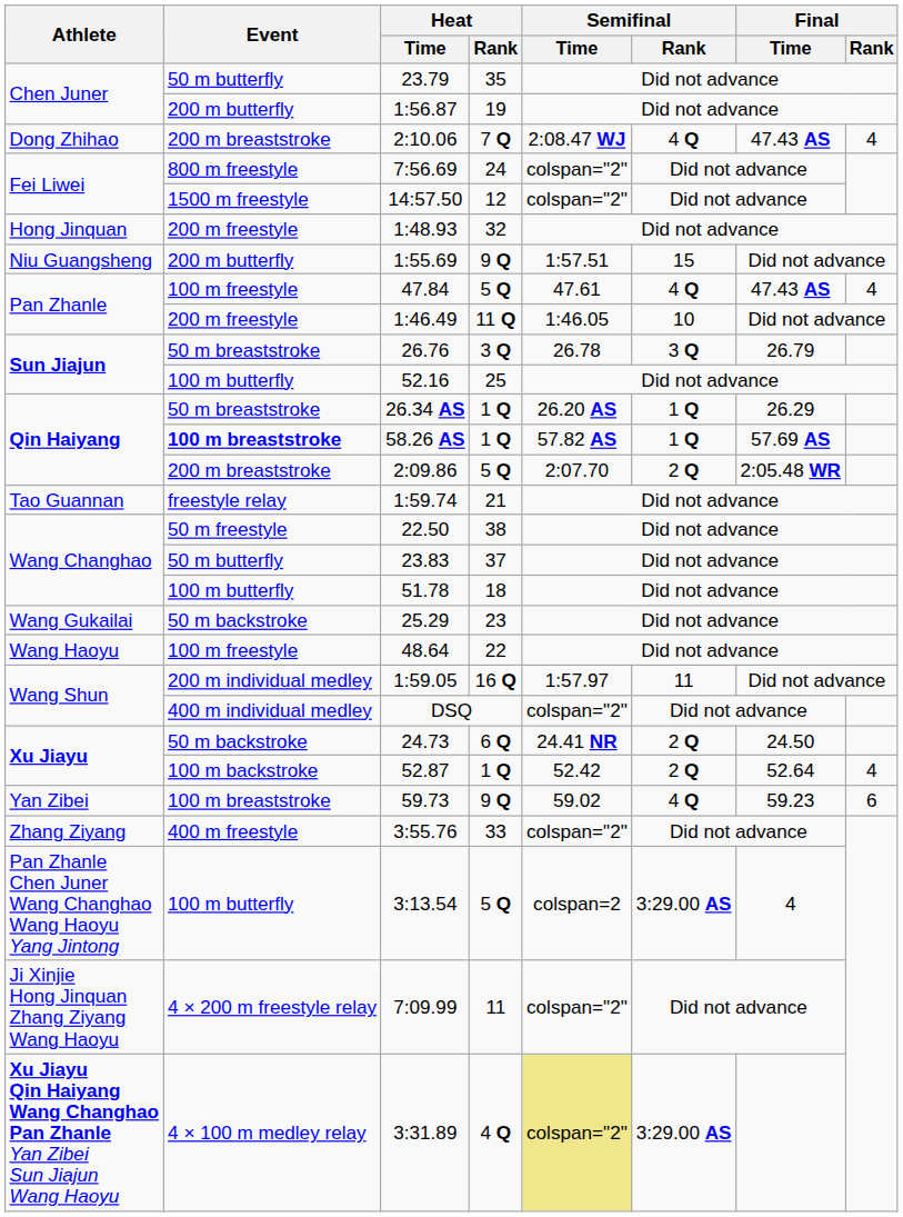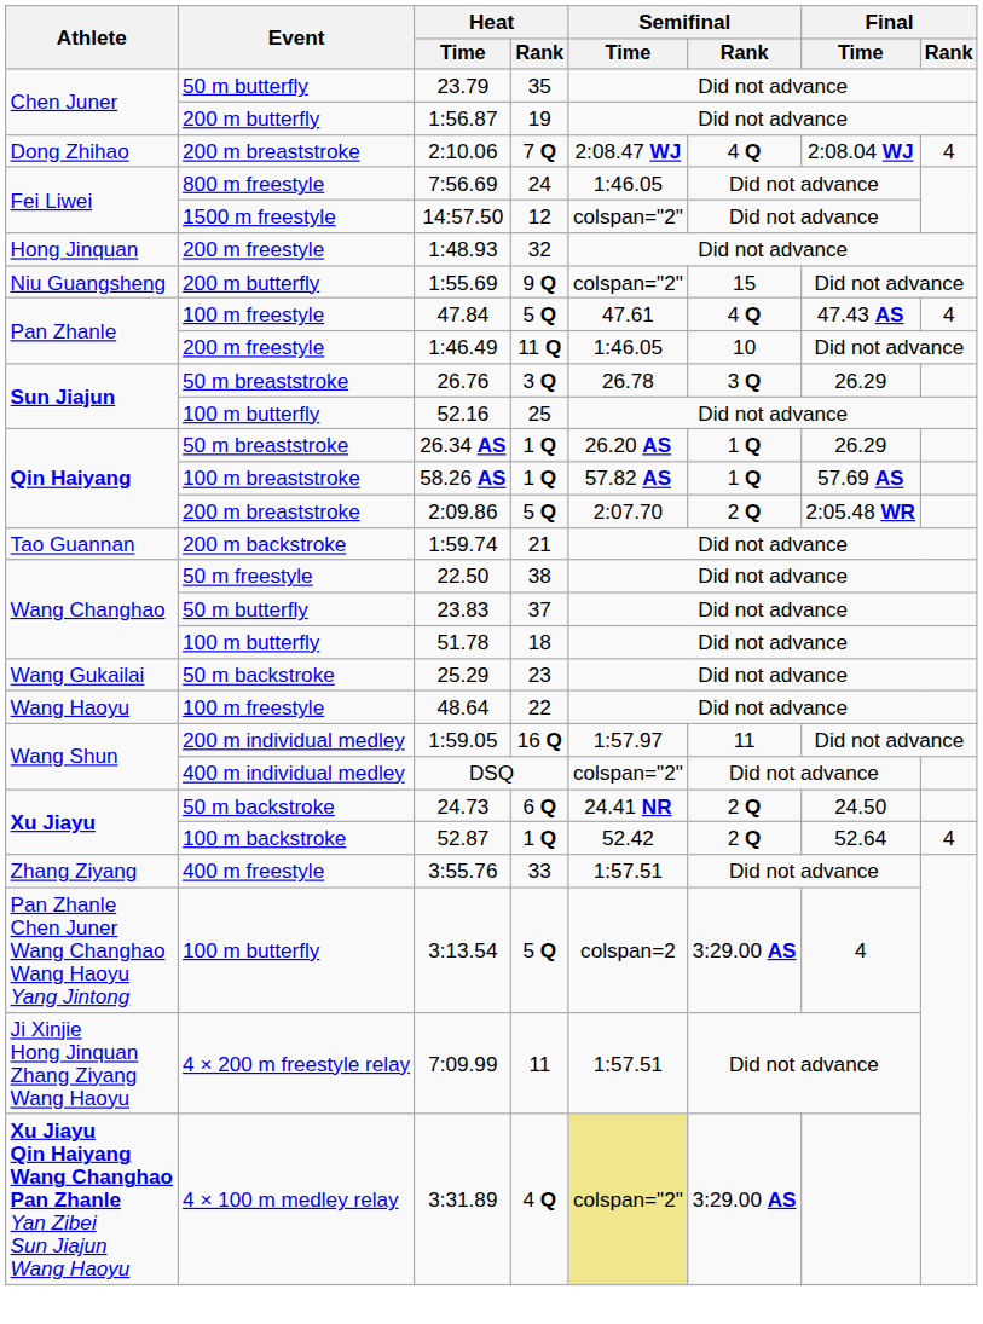 <table class="wikitable" style="text-align:center; font-size:90%;">
 <tr>
 <th rowspan="2">Athlete</th>
 <th rowspan="2">Event</th>
 <th colspan="2">Heat</th>
 <th colspan="2">Semifinal</th>
 <th colspan="2">Final</th>
 </tr>
 <tr style="font-size:95%">
 <th>Time</th>
 <th>Rank</th>
 <th>Time</th>
 <th>Rank</th>
 <th>Time</th>
 <th>Rank</th>
 </tr>
 <tr>
 <td align=left rowspan=2><a href='#'>Chen Juner</a></td>
 <td align=left><a href='#'>50 m butterfly</a></td>
 <td>23.79</td>
 <td>35</td>
 <td colspan=4>Did not advance</td>
 </tr>
 <tr>
 <td align=left><a href='#'>200 m butterfly</a></td>
 <td>1:56.87</td>
 <td>19</td>
 <td colspan=4>Did not advance</td>
 </tr>
 <tr align=center>
 <td align=left><a href='#'>Dong Zhihao</a></td>
 <td align=left><a href='#'>200 m breaststroke</a></td>
 <td>2:10.06</td>
 <td>7 <strong>Q</strong></td>
 <td>2:08.47 <strong><a href='#'>WJ</a></strong></td>
 <td>4 <strong>Q</strong></td>
-<td>47.43 <strong><a href='#'>AS</a></strong></td>
+<td>2:08.04 <strong><a href='#'>WJ</a></strong></td>
 <td>4</td>
 </tr>
 <tr>
 <td align=left rowspan=2><a href='#'>Fei Liwei</a></td>
 <td align=left><a href='#'>800 m freestyle</a></td>
 <td>7:56.69</td>
 <td>24</td>
-<td>colspan="2" </td>
+<td>1:46.05</td>
 <td colspan="2">Did not advance</td>
 </tr>
 <tr>
 <td align=left><a href='#'>1500 m freestyle</a></td>
 <td>14:57.50</td>
 <td>12</td>
 <td>colspan="2" </td>
 <td colspan="2">Did not advance</td>
 </tr>
 <tr>
 <td align=left><a href='#'>Hong Jinquan</a></td>
 <td align=left><a href='#'>200 m freestyle</a></td>
 <td>1:48.93</td>
 <td>32</td>
 <td colspan=4>Did not advance</td>
 </tr>
 <tr>
 <td align=left><a href='#'>Niu Guangsheng</a></td>
 <td align=left><a href='#'>200 m butterfly</a></td>
 <td>1:55.69</td>
 <td>9 <strong>Q</strong></td>
-<td>1:57.51</td>
+<td>colspan="2" </td>
 <td>15</td>
 <td colspan="2">Did not advance</td>
 </tr>
 <tr>
 <td align=left rowspan=2><a href='#'>Pan Zhanle</a></td>
 <td align=left><a href='#'>100 m freestyle</a></td>
 <td>47.84</td>
 <td>5 <strong>Q</strong></td>
 <td>47.61</td>
 <td>4 <strong>Q</strong></td>
 <td>47.43 <strong><a href='#'>AS</a></strong></td>
 <td>4</td>
 </tr>
 <tr>
 <td align=left><a href='#'>200 m freestyle</a></td>
 <td>1:46.49</td>
 <td>11 <strong>Q</strong></td>
 <td>1:46.05</td>
 <td>10</td>
 <td colspan=2>Did not advance</td>
 </tr>
 <tr align=center>
 <td align=left rowspan=2><strong><a href='#'>Sun Jiajun</a></strong></td>
 <td align=left><a href='#'>50 m breaststroke</a></td>
 <td>26.76</td>
 <td>3 <strong>Q</strong></td>
 <td>26.78</td>
 <td>3 <strong>Q</strong></td>
-<td>26.79</td>
+<td>26.29</td>
 <td></td>
 </tr>
 <tr>
 <td align=left><a href='#'>100 m butterfly</a></td>
 <td>52.16</td>
 <td>25</td>
 <td colspan=4>Did not advance</td>
 </tr>
 <tr align=center>
 <td align=left rowspan=3><strong><a href='#'>Qin Haiyang</a></strong></td>
 <td align=left><a href='#'>50 m breaststroke</a></td>
 <td>26.34 <strong><a href='#'>AS</a></strong></td>
 <td>1 <strong>Q</strong></td>
 <td>26.20 <strong><a href='#'>AS</a></strong></td>
 <td>1 <strong>Q</strong></td>
 <td>26.29</td>
 <td></td>
 </tr>
 <tr>
-<td align=left><strong><a href='#'>100 m breaststroke</a></strong></td>
+<td align=left><a href='#'>100 m breaststroke</a></td>
 <td>58.26 <strong><a href='#'>AS</a></strong></td>
 <td>1 <strong>Q</strong></td>
 <td>57.82 <strong><a href='#'>AS</a></strong></td>
 <td>1 <strong>Q</strong></td>
 <td>57.69 <strong><a href='#'>AS</a></strong></td>
 <td></td>
 </tr>
 <tr>
 <td align=left><a href='#'>200 m breaststroke</a></td>
 <td>2:09.86</td>
 <td>5 <strong>Q</strong></td>
 <td>2:07.70</td>
 <td>2 <strong>Q</strong></td>
 <td>2:05.48 <strong><a href='#'>WR</a></strong></td>
 <td></td>
 </tr>
 <tr align=center>
 <td align=left><a href='#'>Tao Guannan</a></td>
-<td align=left><a href='#'> freestyle relay</a></td>
+<td align=left><a href='#'>200 m backstroke</a></td>
 <td>1:59.74</td>
 <td>21</td>
 <td colspan=4>Did not advance</td>
 </tr>
 <tr>
 <td align=left rowspan=3><a href='#'>Wang Changhao</a></td>
 <td align=left><a href='#'>50 m freestyle</a></td>
 <td>22.50</td>
 <td>38</td>
 <td colspan=4>Did not advance</td>
 </tr>
 <tr>
 <td align=left><a href='#'>50 m butterfly</a></td>
 <td>23.83</td>
 <td>37</td>
 <td colspan=4>Did not advance</td>
 </tr>
 <tr>
 <td align=left><a href='#'>100 m butterfly</a></td>
 <td>51.78</td>
 <td>18</td>
 <td colspan=4>Did not advance</td>
 </tr>
 <tr>
 <td align=left><a href='#'>Wang Gukailai</a></td>
 <td align=left><a href='#'>50 m backstroke</a></td>
 <td>25.29</td>
 <td>23</td>
 <td colspan=4>Did not advance</td>
 </tr>
 <tr>
 <td align=left><a href='#'>Wang Haoyu</a></td>
 <td align=left><a href='#'>100 m freestyle</a></td>
 <td>48.64</td>
 <td>22</td>
 <td colspan=4>Did not advance</td>
 </tr>
 <tr>
 <td align=left rowspan=2><a href='#'>Wang Shun</a></td>
 <td align=left><a href='#'>200 m individual medley</a></td>
 <td>1:59.05</td>
 <td>16 <strong>Q</strong></td>
 <td>1:57.97</td>
 <td>11</td>
 <td colspan=2>Did not advance</td>
 </tr>
 <tr>
 <td align=left><a href='#'>400 m individual medley</a></td>
 <td colspan="2">DSQ</td>
 <td>colspan="2" </td>
 <td colspan="2">Did not advance</td>
 </tr>
 <tr align=center>
 <td align=left rowspan=2><strong><a href='#'>Xu Jiayu</a></strong></td>
 <td align=left><a href='#'>50 m backstroke</a></td>
 <td>24.73</td>
 <td>6 <strong>Q</strong></td>
 <td>24.41 <strong><a href='#'>NR</a></strong></td>
 <td>2 <strong>Q</strong></td>
 <td>24.50</td>
 <td></td>
 </tr>
 <tr>
 <td align=left><a href='#'>100 m backstroke</a></td>
 <td>52.87</td>
 <td>1 <strong>Q</strong></td>
 <td>52.42</td>
 <td>2 <strong>Q</strong></td>
 <td>52.64</td>
 <td>4</td>
 </tr>
 <tr>
-<td align=left><a href='#'>Yan Zibei</a></td>
-<td align=left><a href='#'>100 m breaststroke</a></td>
-<td>59.73</td>
-<td>9 <strong>Q</strong></td>
-<td>59.02</td>
-<td>4 <strong>Q</strong></td>
-<td>59.23</td>
-<td>6</td>
-</tr>
-<tr>
 <td align=left><a href='#'>Zhang Ziyang</a></td>
 <td align=left><a href='#'>400 m freestyle</a></td>
 <td>3:55.76</td>
 <td>33</td>
-<td>colspan="2" </td>
+<td>1:57.51</td>
 <td colspan="2">Did not advance</td>
 </tr>
 <tr>
 <td align=left><a href='#'>Pan Zhanle</a> <br><a href='#'>Chen Juner</a> <br><a href='#'>Wang Changhao</a> <br><a href='#'>Wang Haoyu</a><br> <em><a href='#'>Yang Jintong</a></em></td>
 <td align=left><a href='#'>100 m butterfly</a></td>
 <td>3:13.54</td>
 <td>5 <strong>Q</strong></td>
 <td>colspan=2 </td>
 <td>3:29.00 <strong><a href='#'>AS</a></strong></td>
 <td>4</td>
 </tr>
 <tr>
 <td align=left><a href='#'>Ji Xinjie</a> <br><a href='#'>Hong Jinquan</a> <br><a href='#'>Zhang Ziyang</a> <br><a href='#'>Wang Haoyu</a></td>
 <td align=left><a href='#'>4 × 200 m freestyle relay</a></td>
 <td>7:09.99</td>
 <td>11</td>
-<td>colspan="2" </td>
+<td>1:57.51</td>
 <td colspan="2">Did not advance</td>
 </tr>
 <tr>
 <td align=left><strong><a href='#'>Xu Jiayu</a><br><a href='#'>Qin Haiyang</a><br><a href='#'>Wang Changhao</a><br><a href='#'>Pan Zhanle</a></strong><br><em><a href='#'>Yan Zibei</a><br><a href='#'>Sun Jiajun</a><br><a href='#'>Wang Haoyu</a></em></td>
 <td align=left><a href='#'>4 × 100 m medley relay</a></td>
 <td>3:31.89</td>
 <td>4 <strong>Q</strong></td>
 <td style="background: khaki;">colspan="2" </td>
 <td>3:29.00 <strong><a href='#'>AS</a></strong></td>
 <td></td>
 </tr>
 </table>
